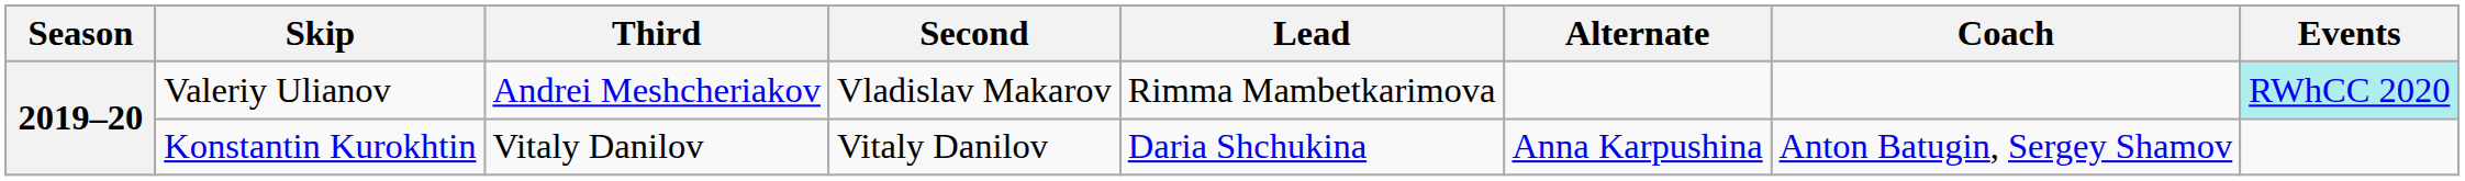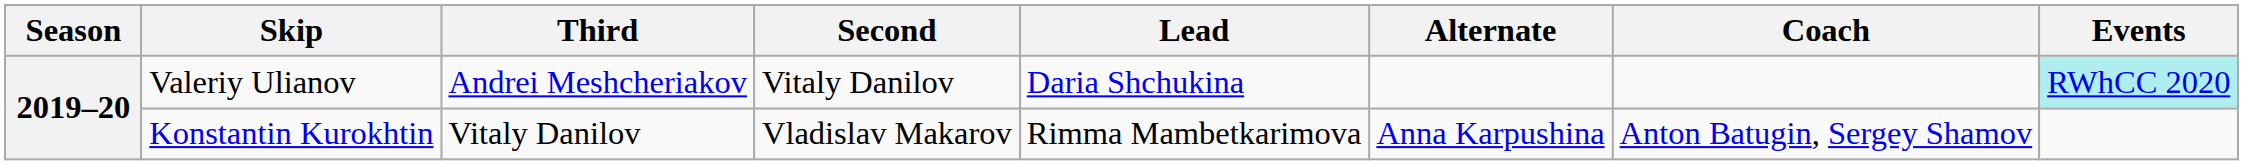 <table class="wikitable">
 <tr>
 <th scope="col" width=60>Season</th>
 <th scope="col">Skip</th>
 <th scope="col">Third</th>
 <th scope="col">Second</th>
 <th scope="col">Lead</th>
 <th scope="col">Alternate</th>
 <th scope="col">Coach</th>
 <th scope="col">Events</th>
 </tr>
 <tr>
 <th scope="row" rowspan=2>2019–20</th>
 <td>Valeriy Ulianov</td>
 <td><a href='#'>Andrei Meshcheriakov</a></td>
-<td>Vladislav Makarov</td>
-<td>Rimma Mambetkarimova</td>
+<td>Vitaly Danilov</td>
+<td><a href='#'>Daria Shchukina</a></td>
 <td></td>
 <td></td>
 <td style="background: paleturquoise;"><a href='#'>RWhCC 2020</a> </td>
 </tr>
 <tr>
 <td><a href='#'>Konstantin Kurokhtin</a></td>
 <td>Vitaly Danilov</td>
-<td>Vitaly Danilov</td>
-<td><a href='#'>Daria Shchukina</a></td>
+<td>Vladislav Makarov</td>
+<td>Rimma Mambetkarimova</td>
 <td><a href='#'>Anna Karpushina</a></td>
 <td><a href='#'>Anton Batugin</a>, <a href='#'>Sergey Shamov</a></td>
 <td> </td>
 </tr>
 </table>
